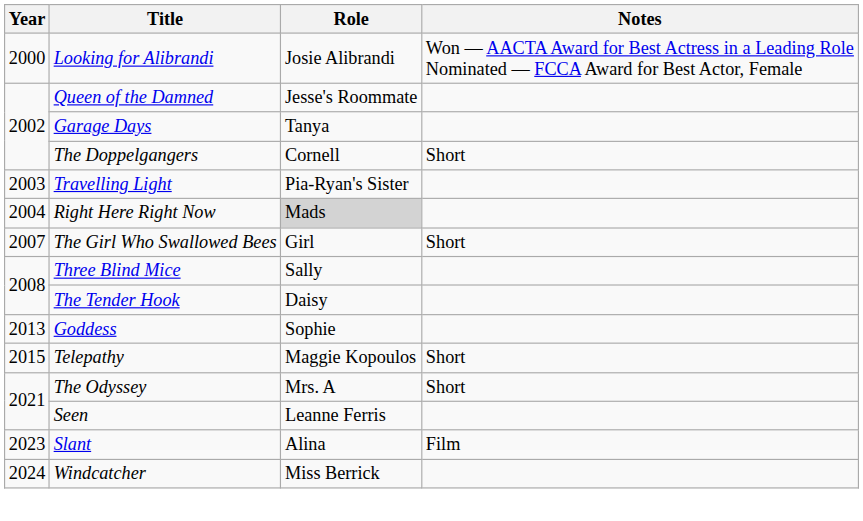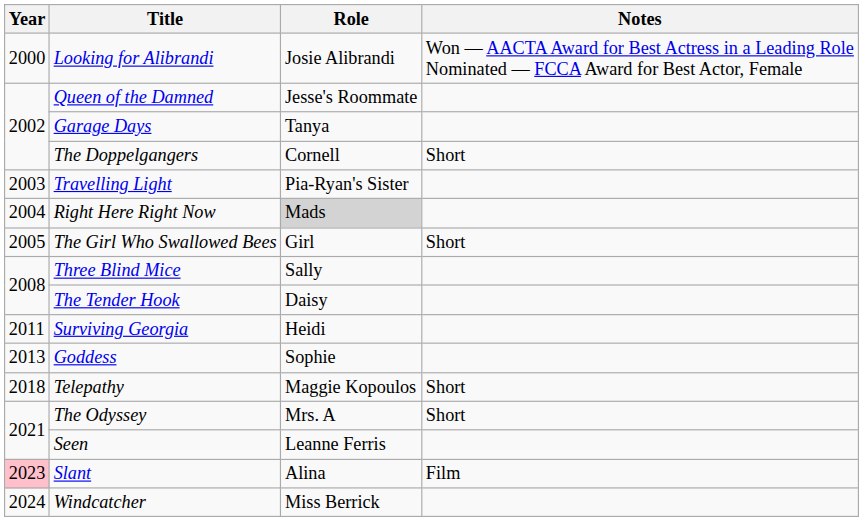 <table class="wikitable sortable">
 <tr>
 <th>Year</th>
 <th>Title</th>
 <th>Role</th>
 <th class="unsortable">Notes</th>
 </tr>
 <tr>
 <td>2000</td>
 <td><em><a href='#'>Looking for Alibrandi</a></em></td>
 <td>Josie Alibrandi</td>
 <td>Won ⁠— <a href='#'>AACTA Award for Best Actress in a Leading Role</a><br>Nominated ⁠— <a href='#'>FCCA</a> Award for Best Actor, Female</td>
 </tr>
 <tr>
 <td rowspan="3">2002</td>
 <td><em><a href='#'>Queen of the Damned</a></em></td>
 <td>Jesse's Roommate</td>
 <td></td>
 </tr>
 <tr>
 <td><em><a href='#'>Garage Days</a></em></td>
 <td>Tanya</td>
 <td></td>
 </tr>
 <tr>
 <td><em>The Doppelgangers</em></td>
 <td>Cornell</td>
 <td>Short</td>
 </tr>
 <tr>
 <td>2003</td>
 <td><em><a href='#'>Travelling Light</a></em></td>
 <td>Pia-Ryan's Sister</td>
 <td></td>
 </tr>
 <tr>
 <td>2004</td>
 <td><em>Right Here Right Now</em></td>
 <td style="background: lightgrey;">Mads</td>
 <td></td>
 </tr>
 <tr>
-<td>2007</td>
+<td>2005</td>
 <td><em>The Girl Who Swallowed Bees</em></td>
 <td>Girl</td>
 <td>Short</td>
 </tr>
 <tr>
 <td rowspan="2">2008</td>
 <td><em><a href='#'>Three Blind Mice</a></em></td>
 <td>Sally</td>
 <td></td>
 </tr>
 <tr>
 <td><em><a href='#'>The Tender Hook</a></em></td>
 <td>Daisy</td>
 <td></td>
 </tr>
 <tr>
+<td>2011</td>
+<td><em><a href='#'>Surviving Georgia</a></em></td>
+<td>Heidi</td>
+<td></td>
+</tr>
+<tr>
 <td>2013</td>
 <td><em><a href='#'>Goddess</a></em></td>
 <td>Sophie</td>
 <td></td>
 </tr>
 <tr>
-<td>2015</td>
+<td>2018</td>
 <td><em>Telepathy</em></td>
 <td>Maggie Kopoulos</td>
 <td>Short</td>
 </tr>
 <tr>
 <td rowspan="2">2021</td>
 <td><em>The Odyssey</em></td>
 <td>Mrs. A</td>
 <td>Short</td>
 </tr>
 <tr>
 <td><em>Seen</em></td>
 <td>Leanne Ferris</td>
 <td></td>
 </tr>
 <tr>
-<td>2023</td>
+<td style="background: pink;">2023</td>
 <td><a href='#'><em>Slant</em></a></td>
 <td>Alina</td>
 <td>Film</td>
 </tr>
 <tr>
 <td>2024</td>
 <td><em>Windcatcher</em></td>
 <td>Miss Berrick</td>
 <td></td>
 </tr>
 </table>
